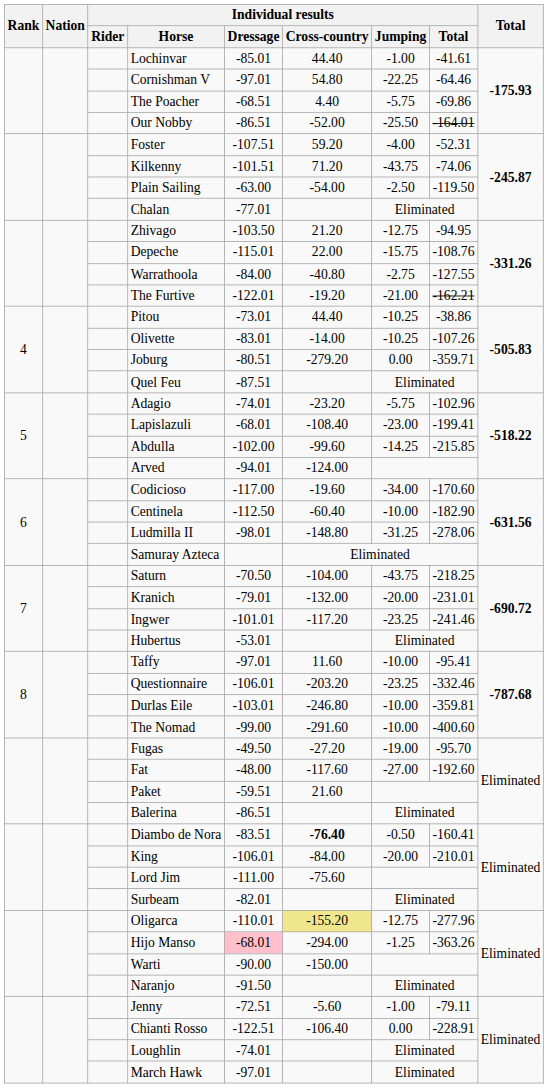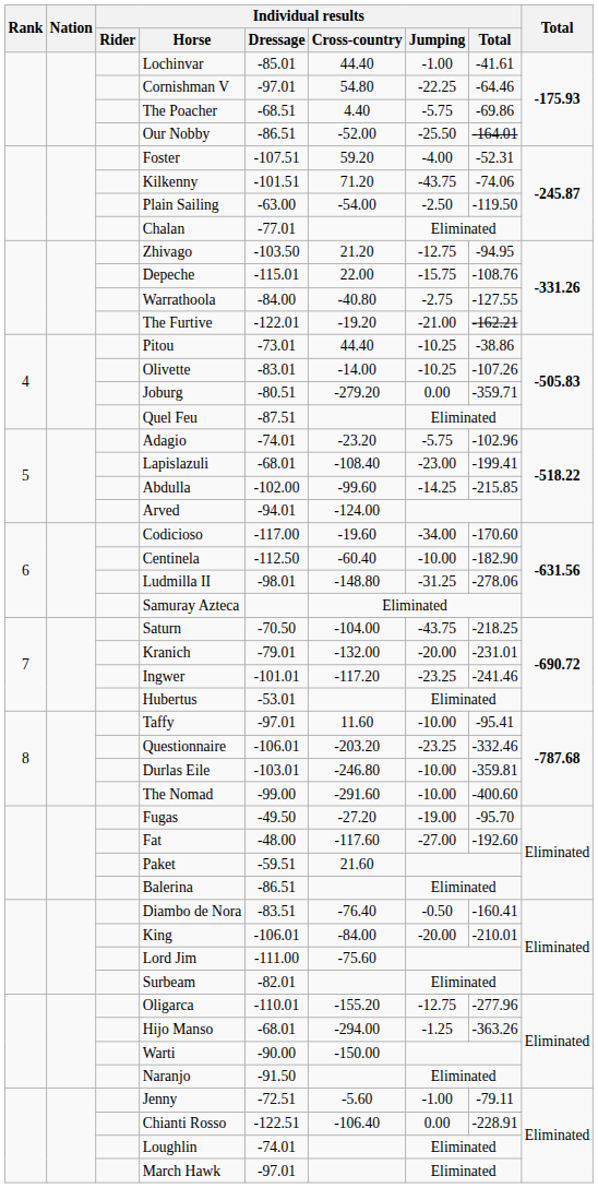 <table class="wikitable sortable" style="text-align:center">
 <tr>
 <th rowspan=2>Rank</th>
 <th rowspan=2>Nation</th>
 <th colspan=6>Individual results</th>
 <th rowspan=2>Total</th>
 </tr>
 <tr>
 <th>Rider</th>
 <th>Horse</th>
 <th>Dressage</th>
 <th>Cross-country</th>
 <th>Jumping</th>
 <th>Total</th>
 </tr>
 <tr>
 <td rowspan=4></td>
 <td align=left rowspan=4></td>
 <td align=left></td>
 <td align=left>Lochinvar</td>
 <td>-85.01</td>
 <td>44.40</td>
 <td>-1.00</td>
 <td>-41.61</td>
 <td rowspan=4><strong>-175.93</strong></td>
 </tr>
 <tr>
 <td align=left></td>
 <td align=left>Cornishman V</td>
 <td>-97.01</td>
 <td>54.80</td>
 <td>-22.25</td>
 <td>-64.46</td>
 </tr>
 <tr>
 <td align=left></td>
 <td align=left>The Poacher</td>
 <td>-68.51</td>
 <td>4.40</td>
 <td>-5.75</td>
 <td>-69.86</td>
 </tr>
 <tr>
 <td align=left></td>
 <td align=left>Our Nobby</td>
 <td>-86.51</td>
 <td>-52.00</td>
 <td>-25.50</td>
 <td><s>-164.01</s></td>
 </tr>
 <tr>
 <td rowspan=4></td>
 <td align=left rowspan=4></td>
 <td align=left></td>
 <td align=left>Foster</td>
 <td>-107.51</td>
 <td>59.20</td>
 <td>-4.00</td>
 <td>-52.31</td>
 <td rowspan=4><strong>-245.87</strong></td>
 </tr>
 <tr>
 <td align=left></td>
 <td align=left>Kilkenny</td>
 <td>-101.51</td>
 <td>71.20</td>
 <td>-43.75</td>
 <td>-74.06</td>
 </tr>
 <tr>
 <td align=left></td>
 <td align=left>Plain Sailing</td>
 <td>-63.00</td>
 <td>-54.00</td>
 <td>-2.50</td>
 <td>-119.50</td>
 </tr>
 <tr>
 <td align=left></td>
 <td align=left>Chalan</td>
 <td>-77.01</td>
 <td></td>
 <td colspan=2>Eliminated</td>
 </tr>
 <tr>
 <td rowspan=4></td>
 <td align=left rowspan=4></td>
 <td align=left></td>
 <td align=left>Zhivago</td>
 <td>-103.50</td>
 <td>21.20</td>
 <td>-12.75</td>
 <td>-94.95</td>
 <td rowspan="4"><strong>-331.26</strong></td>
 </tr>
 <tr>
 <td align=left></td>
 <td align=left>Depeche</td>
 <td>-115.01</td>
 <td>22.00</td>
 <td>-15.75</td>
 <td>-108.76</td>
 </tr>
 <tr>
 <td align=left></td>
 <td align=left>Warrathoola</td>
 <td>-84.00</td>
 <td>-40.80</td>
 <td>-2.75</td>
 <td>-127.55</td>
 </tr>
 <tr>
 <td align=left></td>
 <td align=left>The Furtive</td>
 <td>-122.01</td>
 <td>-19.20</td>
 <td>-21.00</td>
 <td><s>-162.21</s></td>
 </tr>
 <tr>
 <td rowspan=4>4</td>
 <td align=left rowspan=4></td>
 <td align=left></td>
 <td align=left>Pitou</td>
 <td>-73.01</td>
 <td>44.40</td>
 <td>-10.25</td>
 <td>-38.86</td>
 <td rowspan=4><strong>-505.83</strong></td>
 </tr>
 <tr>
 <td align=left></td>
 <td align=left>Olivette</td>
 <td>-83.01</td>
 <td>-14.00</td>
 <td>-10.25</td>
 <td>-107.26</td>
 </tr>
 <tr>
 <td align=left></td>
 <td align=left>Joburg</td>
 <td>-80.51</td>
 <td>-279.20</td>
 <td>0.00</td>
 <td>-359.71</td>
 </tr>
 <tr>
 <td align=left></td>
 <td align=left>Quel Feu</td>
 <td>-87.51</td>
 <td></td>
 <td colspan=2>Eliminated</td>
 </tr>
 <tr>
 <td rowspan=4>5</td>
 <td align=left rowspan=4></td>
 <td align=left></td>
 <td align=left>Adagio</td>
 <td>-74.01</td>
 <td>-23.20</td>
 <td>-5.75</td>
 <td>-102.96</td>
 <td rowspan=4><strong>-518.22</strong></td>
 </tr>
 <tr>
 <td align=left></td>
 <td align=left>Lapislazuli</td>
 <td>-68.01</td>
 <td>-108.40</td>
 <td>-23.00</td>
 <td>-199.41</td>
 </tr>
 <tr>
 <td align=left></td>
 <td align=left>Abdulla</td>
 <td>-102.00</td>
 <td>-99.60</td>
 <td>-14.25</td>
 <td>-215.85</td>
 </tr>
 <tr>
 <td align=left></td>
 <td align=left>Arved</td>
 <td>-94.01</td>
 <td>-124.00</td>
 <td colspan=2></td>
 </tr>
 <tr>
 <td rowspan=4>6</td>
 <td align=left rowspan=4></td>
 <td align=left></td>
 <td align=left>Codicioso</td>
 <td>-117.00</td>
 <td>-19.60</td>
 <td>-34.00</td>
 <td>-170.60</td>
 <td rowspan=4><strong>-631.56</strong></td>
 </tr>
 <tr>
 <td align=left></td>
 <td align=left>Centinela</td>
 <td>-112.50</td>
 <td>-60.40</td>
 <td>-10.00</td>
 <td>-182.90</td>
 </tr>
 <tr>
 <td align=left></td>
 <td align=left>Ludmilla II</td>
 <td>-98.01</td>
 <td>-148.80</td>
 <td>-31.25</td>
 <td>-278.06</td>
 </tr>
 <tr>
 <td align=left></td>
 <td align=left>Samuray Azteca</td>
 <td></td>
 <td colspan=3>Eliminated</td>
 </tr>
 <tr>
 <td rowspan=4>7</td>
 <td align=left rowspan=4></td>
 <td align=left></td>
 <td align=left>Saturn</td>
 <td>-70.50</td>
 <td>-104.00</td>
 <td>-43.75</td>
 <td>-218.25</td>
 <td rowspan=4><strong>-690.72</strong></td>
 </tr>
 <tr>
 <td align=left></td>
 <td align=left>Kranich</td>
 <td>-79.01</td>
 <td>-132.00</td>
 <td>-20.00</td>
 <td>-231.01</td>
 </tr>
 <tr>
 <td align=left></td>
 <td align=left>Ingwer</td>
 <td>-101.01</td>
 <td>-117.20</td>
 <td>-23.25</td>
 <td>-241.46</td>
 </tr>
 <tr>
 <td align=left></td>
 <td align=left>Hubertus</td>
 <td>-53.01</td>
 <td></td>
 <td colspan=2>Eliminated</td>
 </tr>
 <tr>
 <td rowspan=4>8</td>
 <td align=left rowspan=4></td>
 <td align=left></td>
 <td align=left>Taffy</td>
 <td>-97.01</td>
 <td>11.60</td>
 <td>-10.00</td>
 <td>-95.41</td>
 <td rowspan=4><strong>-787.68</strong></td>
 </tr>
 <tr>
 <td align=left></td>
 <td align=left>Questionnaire</td>
 <td>-106.01</td>
 <td>-203.20</td>
 <td>-23.25</td>
 <td>-332.46</td>
 </tr>
 <tr>
 <td align=left></td>
 <td align=left>Durlas Eile</td>
 <td>-103.01</td>
 <td>-246.80</td>
 <td>-10.00</td>
 <td>-359.81</td>
 </tr>
 <tr>
 <td align=left></td>
 <td align=left>The Nomad</td>
 <td>-99.00</td>
 <td>-291.60</td>
 <td>-10.00</td>
 <td>-400.60</td>
 </tr>
 <tr>
 <td rowspan=4></td>
 <td align=left rowspan=4></td>
 <td align=left></td>
 <td align=left>Fugas</td>
 <td>-49.50</td>
 <td>-27.20</td>
 <td>-19.00</td>
 <td>-95.70</td>
 <td rowspan=4>Eliminated</td>
 </tr>
 <tr>
 <td align=left></td>
 <td align=left>Fat</td>
 <td>-48.00</td>
 <td>-117.60</td>
 <td>-27.00</td>
 <td>-192.60</td>
 </tr>
 <tr>
 <td align=left></td>
 <td align=left>Paket</td>
 <td>-59.51</td>
 <td>21.60</td>
 <td colspan=2></td>
 </tr>
 <tr>
 <td align=left></td>
 <td align=left>Balerina</td>
 <td>-86.51</td>
 <td></td>
 <td colspan=2>Eliminated</td>
 </tr>
 <tr>
 <td rowspan=4></td>
 <td align=left rowspan=4></td>
 <td align=left></td>
 <td align=left>Diambo de Nora</td>
 <td>-83.51</td>
-<td><strong>-76.40</strong></td>
+<td>-76.40</td>
 <td>-0.50</td>
 <td>-160.41</td>
 <td rowspan=4>Eliminated</td>
 </tr>
 <tr>
 <td align=left></td>
 <td align=left>King</td>
 <td>-106.01</td>
 <td>-84.00</td>
 <td>-20.00</td>
 <td>-210.01</td>
 </tr>
 <tr>
 <td align=left></td>
 <td align=left>Lord Jim</td>
 <td>-111.00</td>
 <td>-75.60</td>
 <td colspan=2></td>
 </tr>
 <tr>
 <td align=left></td>
 <td align=left>Surbeam</td>
 <td>-82.01</td>
 <td></td>
 <td colspan=2>Eliminated</td>
 </tr>
 <tr>
 <td rowspan=4></td>
 <td align=left rowspan=4></td>
 <td align=left></td>
 <td align=left>Oligarca</td>
 <td>-110.01</td>
-<td style="background: khaki;">-155.20</td>
+<td>-155.20</td>
 <td>-12.75</td>
 <td>-277.96</td>
 <td rowspan=4>Eliminated</td>
 </tr>
 <tr>
 <td align=left></td>
 <td align=left>Hijo Manso</td>
-<td style="background: pink;">-68.01</td>
+<td>-68.01</td>
 <td>-294.00</td>
 <td>-1.25</td>
 <td>-363.26</td>
 </tr>
 <tr>
 <td align=left></td>
 <td align=left>Warti</td>
 <td>-90.00</td>
 <td>-150.00</td>
 <td colspan=2></td>
 </tr>
 <tr>
 <td align=left></td>
 <td align=left>Naranjo</td>
 <td>-91.50</td>
 <td></td>
 <td colspan=2>Eliminated</td>
 </tr>
 <tr>
 <td rowspan=4></td>
 <td align=left rowspan=4></td>
 <td align=left></td>
 <td align=left>Jenny</td>
 <td>-72.51</td>
 <td>-5.60</td>
 <td>-1.00</td>
 <td>-79.11</td>
 <td rowspan=4>Eliminated</td>
 </tr>
 <tr>
 <td align=left></td>
 <td align=left>Chianti Rosso</td>
 <td>-122.51</td>
 <td>-106.40</td>
 <td>0.00</td>
 <td>-228.91</td>
 </tr>
 <tr>
 <td align=left></td>
 <td align=left>Loughlin</td>
 <td>-74.01</td>
 <td></td>
 <td colspan=2>Eliminated</td>
 </tr>
 <tr>
 <td align=left></td>
 <td align=left>March Hawk</td>
 <td>-97.01</td>
 <td></td>
 <td colspan=2>Eliminated</td>
 </tr>
 </table>
